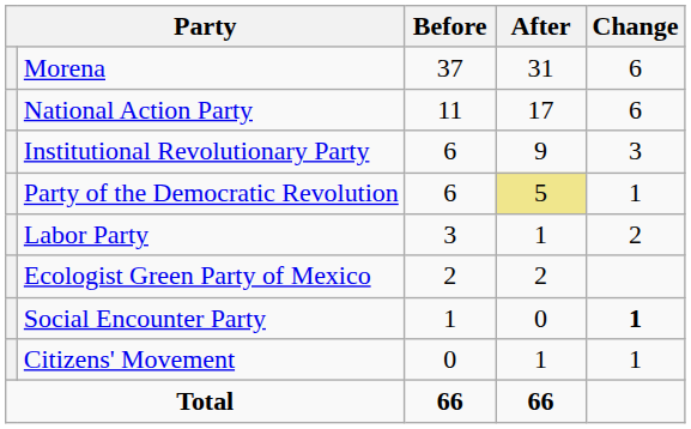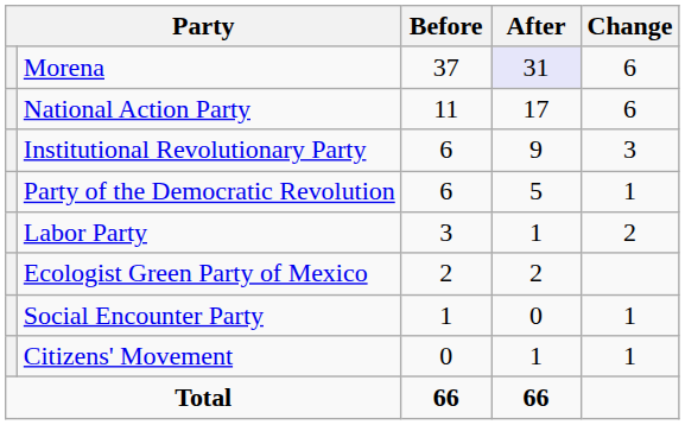 <table class="wikitable" style="text-align:center;">
 <tr>
 <th colspan="2">Party</th>
 <th style="width:3em">Before</th>
 <th style="width:3em">After</th>
 <th style="width:3em">Change</th>
 </tr>
 <tr>
 <th style="background-color:"></th>
 <td style="text-align:left;"><a href='#'>Morena</a></td>
 <td>37</td>
-<td>31</td>
+<td style="background: lavender;">31</td>
 <td>6</td>
 </tr>
 <tr>
 <th style="background-color:"></th>
 <td style="text-align:left;"><a href='#'>National Action Party</a></td>
 <td>11</td>
 <td>17</td>
 <td>6</td>
 </tr>
 <tr>
 <th style="background-color:"></th>
 <td style="text-align:left;"><a href='#'>Institutional Revolutionary Party</a></td>
 <td>6</td>
 <td>9</td>
 <td>3</td>
 </tr>
 <tr>
 <th style="background-color:"></th>
 <td style="text-align:left;"><a href='#'>Party of the Democratic Revolution</a></td>
 <td>6</td>
-<td style="background: khaki;">5</td>
+<td>5</td>
 <td>1</td>
 </tr>
 <tr>
 <th style="background-color:"></th>
 <td style="text-align:left;"><a href='#'>Labor Party</a></td>
 <td>3</td>
 <td>1</td>
 <td>2</td>
 </tr>
 <tr>
 <th style="background-color:"></th>
 <td style="text-align:left;"><a href='#'>Ecologist Green Party of Mexico</a></td>
 <td>2</td>
 <td>2</td>
 <td></td>
 </tr>
 <tr>
 <th style="background-color:"></th>
 <td style="text-align:left;"><a href='#'>Social Encounter Party</a></td>
 <td>1</td>
 <td>0</td>
-<td><strong>1</strong></td>
+<td>1</td>
 </tr>
 <tr>
 <th style="background-color:"></th>
 <td style="text-align:left;"><a href='#'>Citizens' Movement</a></td>
 <td>0</td>
 <td>1</td>
 <td>1</td>
 </tr>
 <tr>
 <td colspan="2"><strong>Total</strong></td>
 <td><strong>66</strong></td>
 <td><strong>66</strong></td>
 <td></td>
 </tr>
 </table>
